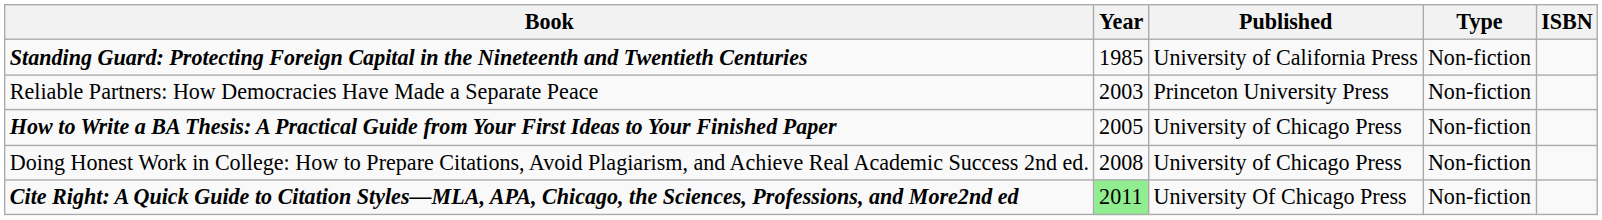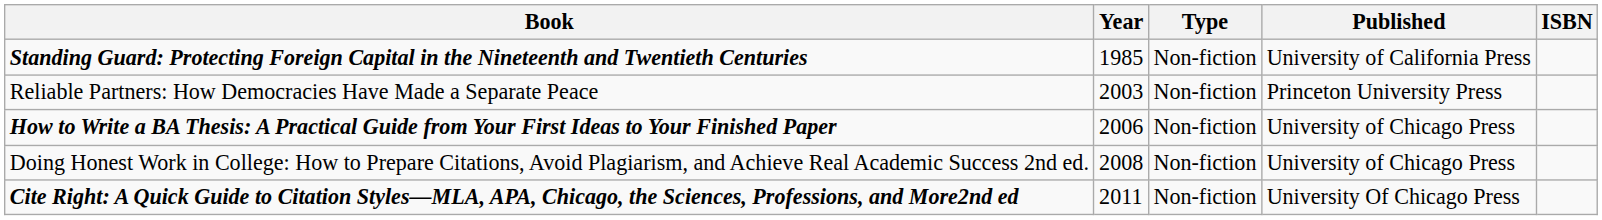 <table class="wikitable">
 <tr>
 <th>Book</th>
 <th>Year</th>
+<th>Type</th>
 <th>Published</th>
-<th>Type</th>
 <th>ISBN</th>
 </tr>
 <tr>
 <td><strong><em>Standing Guard:<strong> Protecting Foreign Capital in the Nineteenth and Twentieth Centuries<em></td>
 <td>1985</td>
+<td>Non-fiction</td>
 <td>University of California Press</td>
-<td>Non-fiction</td>
 <td></td>
 </tr>
 <tr>
 <td></em></strong>Reliable Partners:</strong> How Democracies Have Made a Separate Peace</em></td>
 <td>2003</td>
+<td>Non-fiction</td>
 <td>Princeton University Press</td>
-<td>Non-fiction</td>
 <td></td>
 </tr>
 <tr>
 <td><strong><em>How to Write a BA Thesis:<strong> A Practical Guide from Your First Ideas to Your Finished Paper<em></td>
-<td>2005</td>
+<td>2006</td>
+<td>Non-fiction</td>
 <td>University of Chicago Press</td>
-<td>Non-fiction</td>
 <td></td>
 </tr>
 <tr>
 <td></em></strong>Doing Honest Work in College:</strong> How to Prepare Citations, Avoid Plagiarism, and Achieve Real Academic Success</em> 2nd ed.</td>
 <td>2008</td>
+<td>Non-fiction</td>
 <td>University of Chicago Press</td>
-<td>Non-fiction</td>
 <td></td>
 </tr>
 <tr>
 <td><strong><em>Cite Right:<strong> A Quick Guide to Citation Styles—MLA, APA, Chicago, the Sciences, Professions, and More<em>2nd ed</td>
-<td style="background: lightgreen;">2011</td>
+<td>2011</td>
+<td>Non-fiction</td>
 <td>University Of Chicago Press</td>
-<td>Non-fiction</td>
 <td></td>
 </tr>
 </table>
